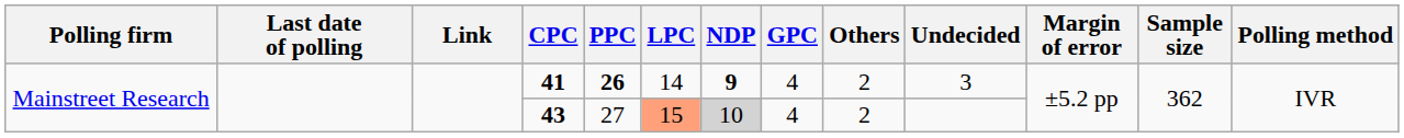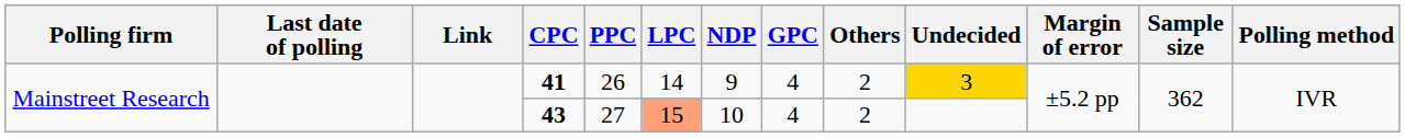 <table class="wikitable sortable" style="text-align:center;font-size:90%;line-height:14px;">
 <tr style="background:#e9e9e9;">
 <th style="width:120px">Polling firm</th>
 <th style="width:110px">Last date<br>of polling</th>
 <th style="width:60px" class="unsortable">Link</th>
 <th style="background-color:"><a href='#'>CPC</a></th>
 <th style="background-color:"><a href='#'><span>PPC</span></a></th>
 <th style="background-color:"><a href='#'>LPC</a></th>
 <th style="background-color:"><a href='#'>NDP</a></th>
 <th style="background-color:"><a href='#'>GPC</a></th>
 <th style="background-color:">Others</th>
 <th style="background-color:">Undecided</th>
 <th style="width:60px;" class=unsortable>Margin<br>of error</th>
 <th style="width:50px;" class=unsortable>Sample<br>size</th>
 <th class=unsortable>Polling method</th>
 </tr>
 <tr>
 <td rowspan="2"><a href='#'>Mainstreet Research</a></td>
 <td rowspan="2"></td>
 <td rowspan="2"></td>
 <td><strong>41</strong></td>
-<td><strong>26</strong></td>
+<td>26</td>
 <td>14</td>
-<td><strong>9</strong></td>
+<td>9</td>
 <td>4</td>
 <td>2</td>
-<td>3</td>
+<td style="background: gold;">3</td>
 <td rowspan="2">±5.2 pp</td>
 <td rowspan="2">362</td>
 <td rowspan="2">IVR</td>
 </tr>
 <tr>
 <td><strong>43</strong></td>
 <td>27</td>
 <td style="background: lightsalmon;">15</td>
-<td style="background: lightgrey;">10</td>
+<td>10</td>
 <td>4</td>
 <td>2</td>
 <td></td>
 </tr>
 </table>
